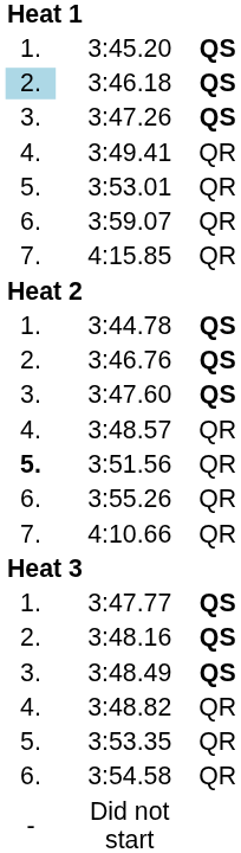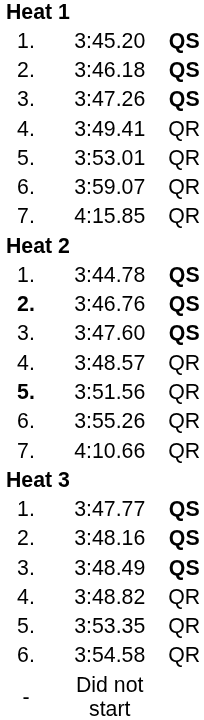 <table style="text-align:center">
 <tr>
 <td colspan=4 align=left><strong>Heat 1</strong></td>
 </tr>
 <tr>
 <td width=30>1.</td>
 <td align=left></td>
 <td width=80>3:45.20</td>
 <td><strong>QS</strong></td>
 </tr>
 <tr>
-<td style="background: lightblue;">2.</td>
+<td>2.</td>
 <td align=left></td>
 <td>3:46.18</td>
 <td><strong>QS</strong></td>
 </tr>
 <tr>
 <td>3.</td>
 <td align=left></td>
 <td>3:47.26</td>
 <td><strong>QS</strong></td>
 </tr>
 <tr>
 <td>4.</td>
 <td align=left></td>
 <td>3:49.41</td>
 <td>QR</td>
 </tr>
 <tr>
 <td>5.</td>
 <td align=left></td>
 <td>3:53.01</td>
 <td>QR</td>
 </tr>
 <tr>
 <td>6.</td>
 <td align=left></td>
 <td>3:59.07</td>
 <td>QR</td>
 </tr>
 <tr>
 <td>7.</td>
 <td align=left></td>
 <td>4:15.85</td>
 <td>QR</td>
 </tr>
 <tr>
 <td colspan=4 align=left><strong>Heat 2</strong></td>
 </tr>
 <tr>
 <td>1.</td>
 <td align=left></td>
 <td>3:44.78</td>
 <td><strong>QS</strong></td>
 </tr>
 <tr>
-<td>2.</td>
+<td><strong>2.</strong></td>
 <td align=left></td>
 <td>3:46.76</td>
 <td><strong>QS</strong></td>
 </tr>
 <tr>
 <td>3.</td>
 <td align=left></td>
 <td>3:47.60</td>
 <td><strong>QS</strong></td>
 </tr>
 <tr>
 <td>4.</td>
 <td align=left></td>
 <td>3:48.57</td>
 <td>QR</td>
 </tr>
 <tr>
 <td><strong>5.</strong></td>
 <td align=left></td>
 <td>3:51.56</td>
 <td>QR</td>
 </tr>
 <tr>
 <td>6.</td>
 <td align=left></td>
 <td>3:55.26</td>
 <td>QR</td>
 </tr>
 <tr>
 <td>7.</td>
 <td align=left></td>
 <td>4:10.66</td>
 <td>QR</td>
 </tr>
 <tr>
 <td colspan=4 align=left><strong>Heat 3</strong></td>
 </tr>
 <tr>
 <td>1.</td>
 <td align=left></td>
 <td>3:47.77</td>
 <td><strong>QS</strong></td>
 </tr>
 <tr>
 <td>2.</td>
 <td align=left></td>
 <td>3:48.16</td>
 <td><strong>QS</strong></td>
 </tr>
 <tr>
 <td>3.</td>
 <td align=left></td>
 <td>3:48.49</td>
 <td><strong>QS</strong></td>
 </tr>
 <tr>
 <td>4.</td>
 <td align=left></td>
 <td>3:48.82</td>
 <td>QR</td>
 </tr>
 <tr>
 <td>5.</td>
 <td align=left></td>
 <td>3:53.35</td>
 <td>QR</td>
 </tr>
 <tr>
 <td>6.</td>
 <td align=left></td>
 <td>3:54.58</td>
 <td>QR</td>
 </tr>
 <tr>
 <td>-</td>
 <td align=left></td>
 <td>Did not start</td>
 <td></td>
 </tr>
 </table>
